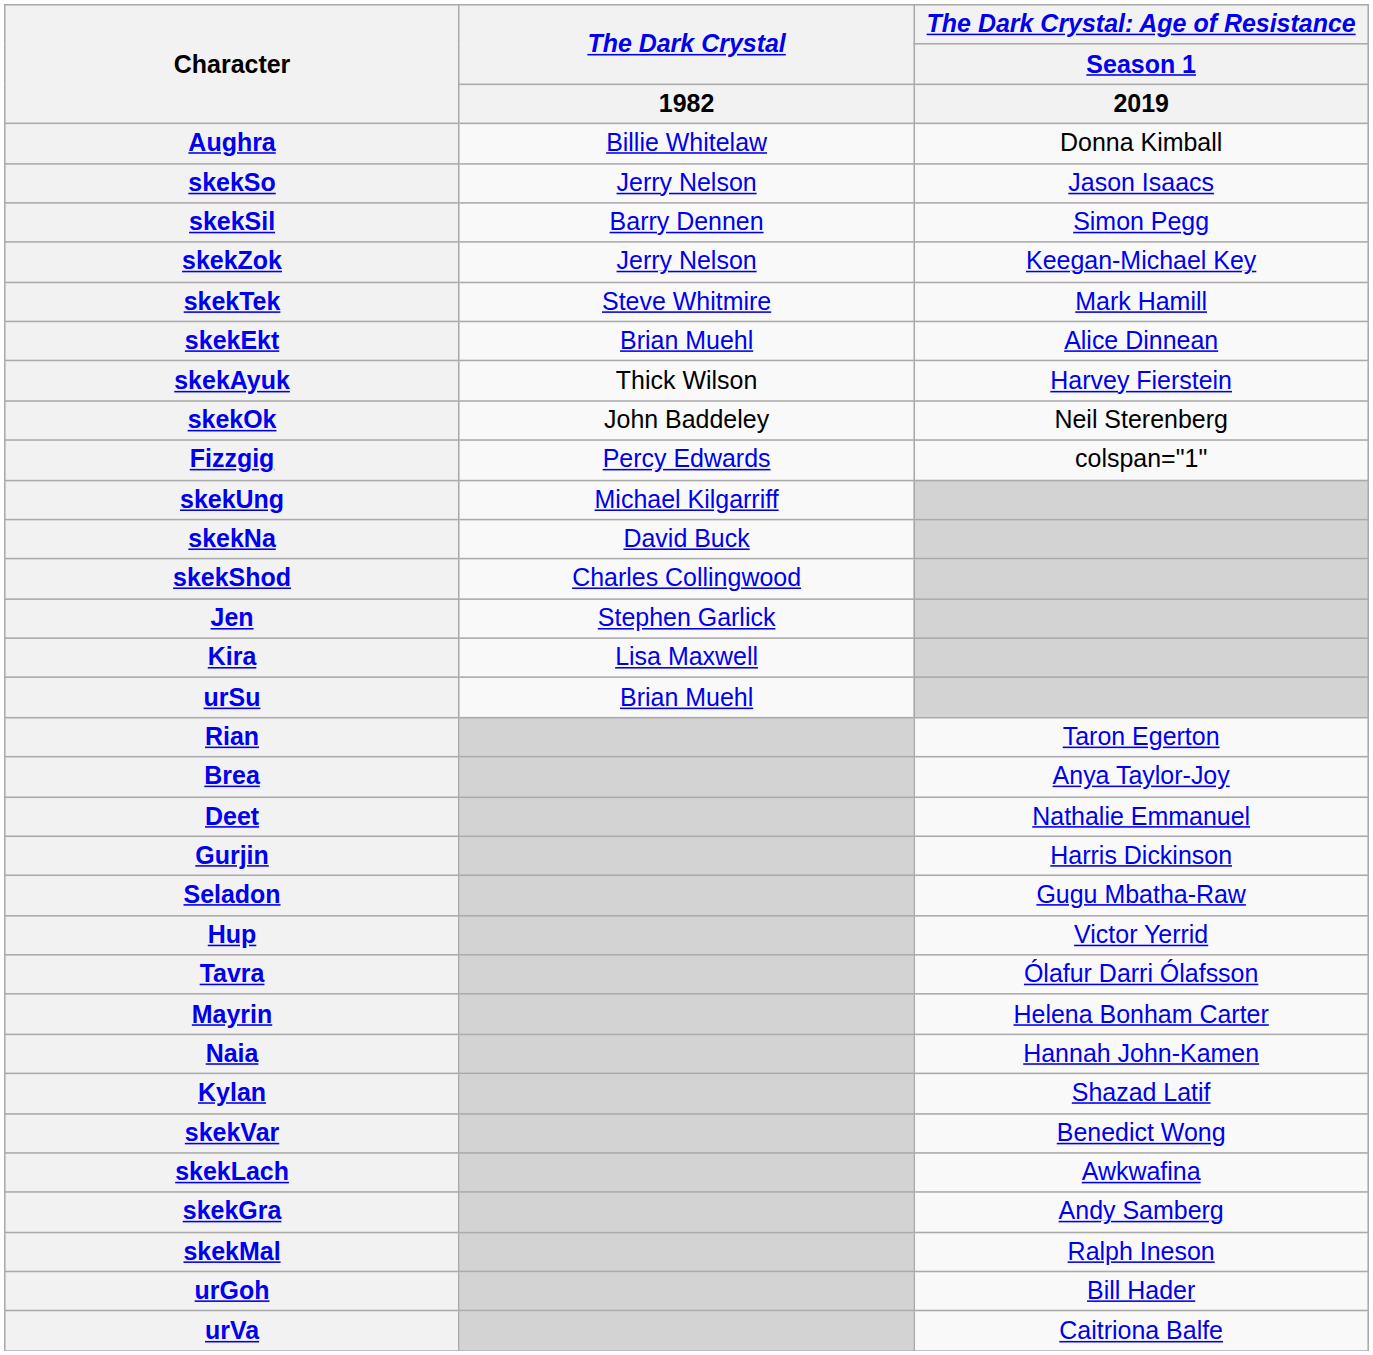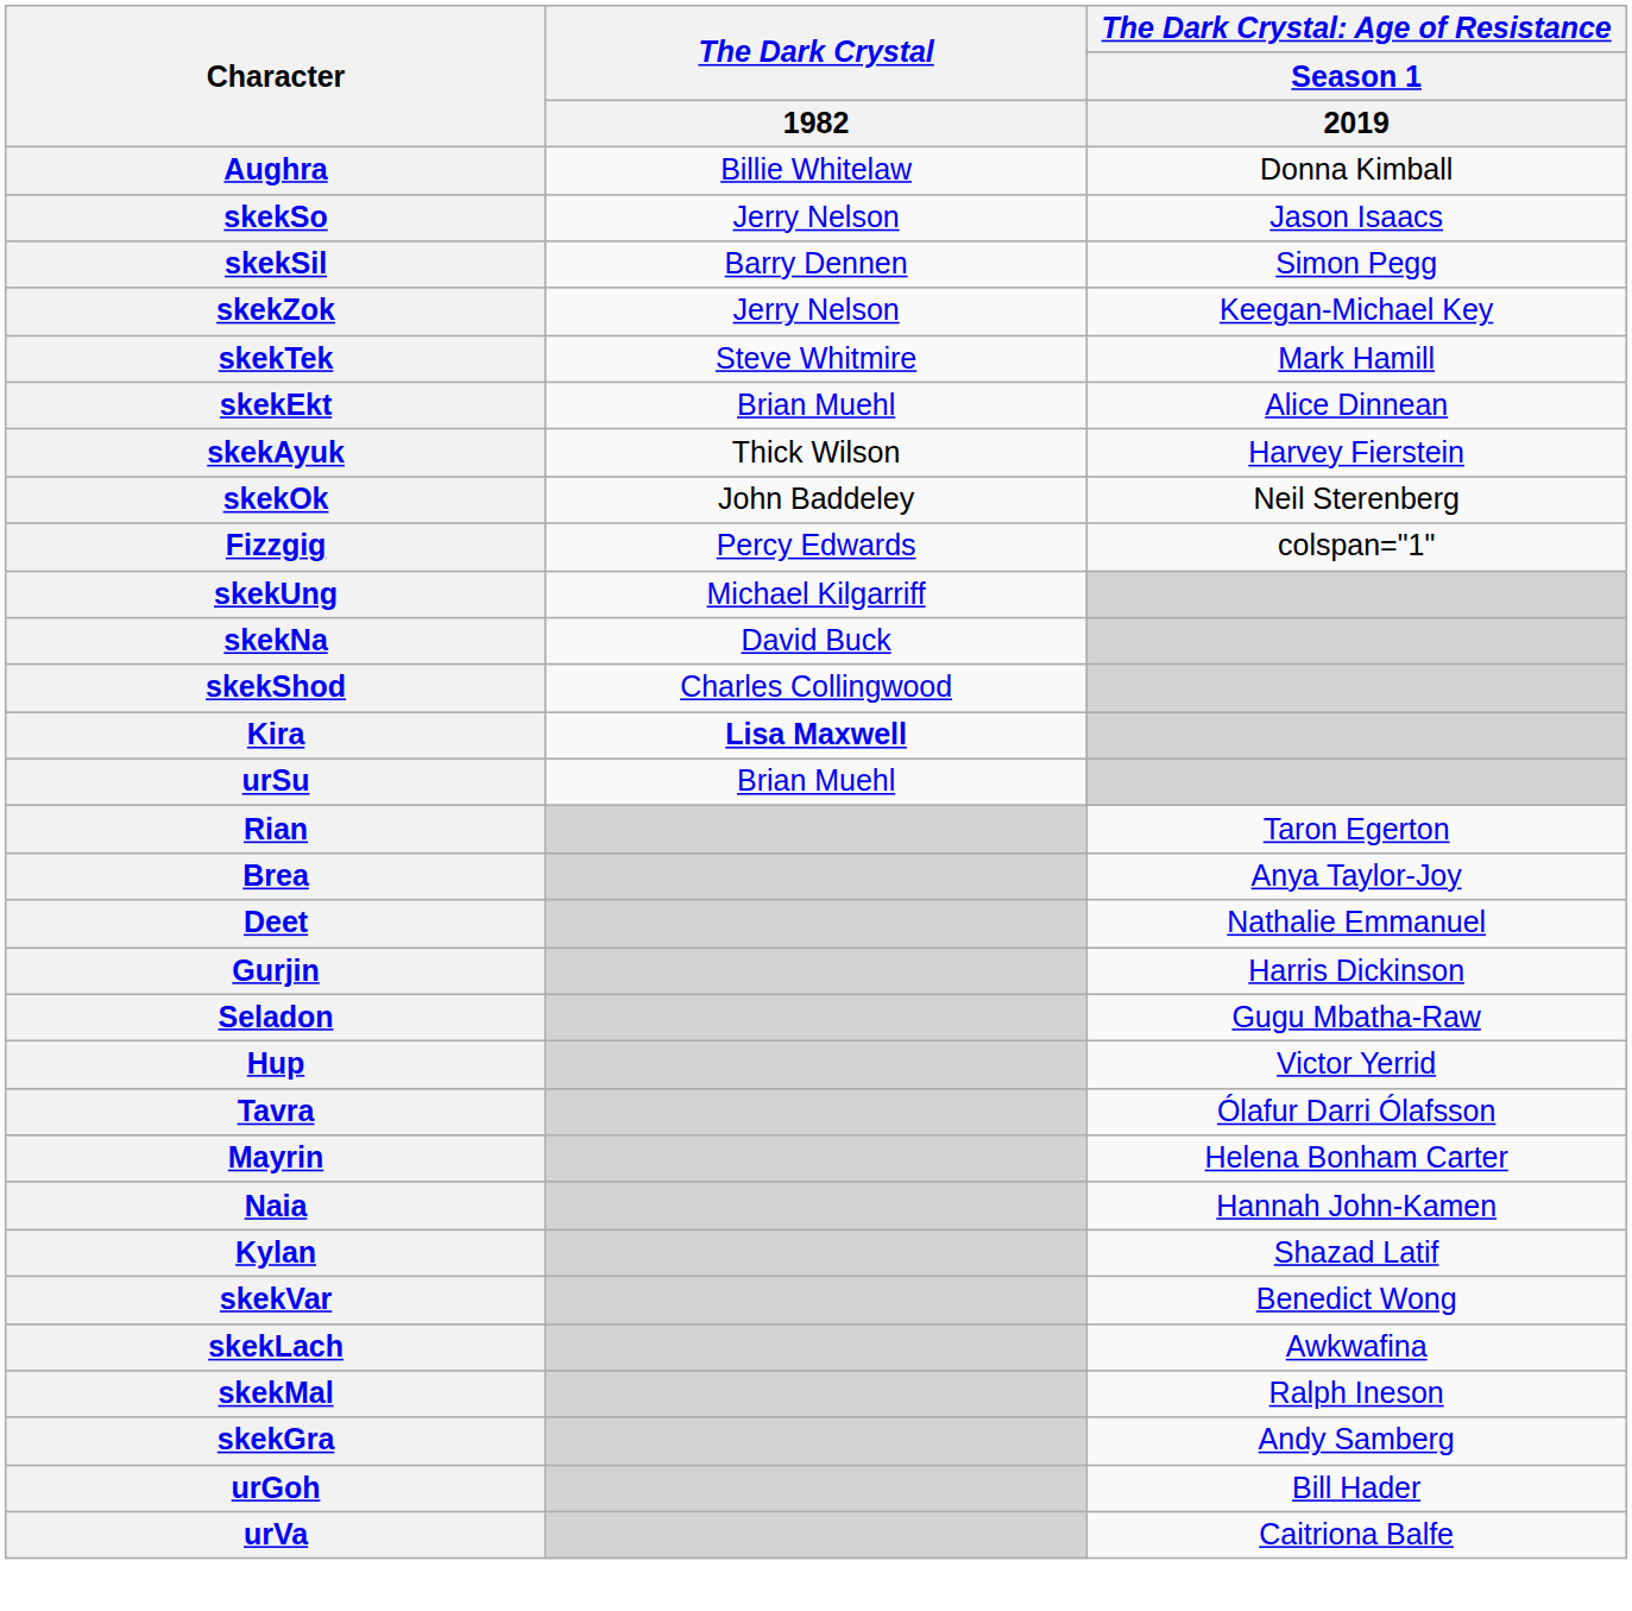 <table class="wikitable" style="text-align:center; width:99%">
 <tr>
 <th rowspan="3" align="center" width="25%">Character</th>
 <th rowspan="2" align="center" width="25%"><em><a href='#'>The Dark Crystal</a></em></th>
 <th colspan="1" align="center"><em><a href='#'>The Dark Crystal: Age of Resistance</a></em></th>
 </tr>
 <tr>
 <th align="center" width="25%"><a href='#'>Season 1</a></th>
 </tr>
 <tr>
 <th>1982</th>
 <th>2019</th>
 </tr>
 <tr>
 <th><a href='#'>Aughra</a></th>
 <td><a href='#'>Billie Whitelaw</a></td>
 <td colspan="1">Donna Kimball</td>
 </tr>
 <tr>
 <th><a href='#'>skekSo<br></a></th>
 <td><a href='#'>Jerry Nelson</a></td>
 <td colspan="1"><a href='#'>Jason Isaacs</a></td>
 </tr>
 <tr>
 <th><a href='#'>skekSil<br></a></th>
 <td><a href='#'>Barry Dennen</a></td>
 <td colspan="1"><a href='#'>Simon Pegg</a></td>
 </tr>
 <tr>
 <th><a href='#'>skekZok<br></a></th>
 <td><a href='#'>Jerry Nelson</a></td>
 <td colspan="1"><a href='#'>Keegan-Michael Key</a></td>
 </tr>
 <tr>
 <th><a href='#'>skekTek<br></a></th>
 <td><a href='#'>Steve Whitmire</a></td>
 <td colspan="1"><a href='#'>Mark Hamill</a></td>
 </tr>
 <tr>
 <th><a href='#'>skekEkt<br></a></th>
 <td><a href='#'>Brian Muehl</a></td>
 <td colspan="1"><a href='#'>Alice Dinnean</a></td>
 </tr>
 <tr>
 <th><a href='#'>skekAyuk<br></a></th>
 <td>Thick Wilson</td>
 <td colspan="1"><a href='#'>Harvey Fierstein</a></td>
 </tr>
 <tr>
 <th><a href='#'>skekOk<br></a></th>
 <td>John Baddeley</td>
 <td colspan="1">Neil Sterenberg</td>
 </tr>
 <tr>
 <th><a href='#'>Fizzgig</a></th>
 <td><a href='#'>Percy Edwards</a></td>
 <td>colspan="1" </td>
 </tr>
 <tr>
 <th><a href='#'>skekUng<br></a></th>
 <td><a href='#'>Michael Kilgarriff</a></td>
 <td style="background:#d3d3d3;"></td>
 </tr>
 <tr>
 <th><a href='#'>skekNa<br></a></th>
 <td><a href='#'>David Buck</a></td>
 <td style="background:#d3d3d3;"></td>
 </tr>
 <tr>
 <th><a href='#'>skekShod<br></a></th>
 <td><a href='#'>Charles Collingwood</a></td>
 <td style="background:#d3d3d3;"></td>
 </tr>
 <tr>
-<th><a href='#'>Jen</a></th>
-<td><a href='#'>Stephen Garlick</a></td>
-<td colspan="1" style="background:#d3d3d3;"></td>
-</tr>
-<tr>
 <th><a href='#'>Kira</a></th>
-<td><a href='#'>Lisa Maxwell</a></td>
+<td><strong><a href='#'>Lisa Maxwell</a></strong></td>
 <td colspan="1" style="background:#d3d3d3;"></td>
 </tr>
 <tr>
 <th><a href='#'>urSu<br></a></th>
 <td><a href='#'>Brian Muehl</a></td>
 <td colspan="1" style="background:#d3d3d3;"></td>
 </tr>
 <tr>
 <th><a href='#'>Rian</a></th>
 <td style="background:#d3d3d3;"></td>
 <td colspan="1"><a href='#'>Taron Egerton</a></td>
 </tr>
 <tr>
 <th><a href='#'>Brea</a></th>
 <td style="background:#d3d3d3;"></td>
 <td colspan="1"><a href='#'>Anya Taylor-Joy</a></td>
 </tr>
 <tr>
 <th><a href='#'>Deet</a></th>
 <td style="background:#d3d3d3;"></td>
 <td colspan="1"><a href='#'>Nathalie Emmanuel</a></td>
 </tr>
 <tr>
 <th><a href='#'>Gurjin</a></th>
 <td style="background:#d3d3d3;"></td>
 <td colspan="1"><a href='#'>Harris Dickinson</a></td>
 </tr>
 <tr>
 <th><a href='#'>Seladon</a></th>
 <td style="background:#d3d3d3;"></td>
 <td colspan="1"><a href='#'>Gugu Mbatha-Raw</a></td>
 </tr>
 <tr>
 <th><a href='#'>Hup</a></th>
 <td style="background:#d3d3d3;"></td>
 <td colspan="1"><a href='#'>Victor Yerrid</a></td>
 </tr>
 <tr>
 <th><a href='#'>Tavra</a></th>
 <td style="background:#d3d3d3;"></td>
 <td colspan="1"><a href='#'>Ólafur Darri Ólafsson</a></td>
 </tr>
 <tr>
 <th><a href='#'>Mayrin</a></th>
 <td style="background:#d3d3d3;"></td>
 <td colspan="1"><a href='#'>Helena Bonham Carter</a></td>
 </tr>
 <tr>
 <th><a href='#'>Naia</a></th>
 <td style="background:#d3d3d3;"></td>
 <td colspan="1"><a href='#'>Hannah John-Kamen</a></td>
 </tr>
 <tr>
 <th><a href='#'>Kylan</a></th>
 <td style="background:#d3d3d3;"></td>
 <td colspan="1"><a href='#'>Shazad Latif</a></td>
 </tr>
 <tr>
 <th><a href='#'>skekVar<br></a></th>
 <td style="background:#d3d3d3;"></td>
 <td colspan="1"><a href='#'>Benedict Wong</a></td>
 </tr>
 <tr>
 <th><a href='#'>skekLach<br></a></th>
 <td style="background:#d3d3d3;"></td>
 <td colspan="1"><a href='#'>Awkwafina</a></td>
 </tr>
 <tr>
+<th><a href='#'>skekMal<br></a></th>
+<td style="background:#d3d3d3;"></td>
+<td colspan="1"><a href='#'>Ralph Ineson</a></td>
+</tr>
+<tr>
 <th><a href='#'>skekGra<br></a></th>
 <td style="background:#d3d3d3;"></td>
 <td colspan="1"><a href='#'>Andy Samberg</a></td>
-</tr>
-<tr>
-<th><a href='#'>skekMal<br></a></th>
-<td style="background:#d3d3d3;"></td>
-<td colspan="1"><a href='#'>Ralph Ineson</a></td>
 </tr>
 <tr>
 <th><a href='#'>urGoh<br></a></th>
 <td style="background:#d3d3d3;"></td>
 <td colspan="1"><a href='#'>Bill Hader</a></td>
 </tr>
 <tr>
 <th><a href='#'>urVa<br></a></th>
 <td style="background:#d3d3d3;"></td>
 <td colspan="1"><a href='#'>Caitriona Balfe</a></td>
 </tr>
 </table>
